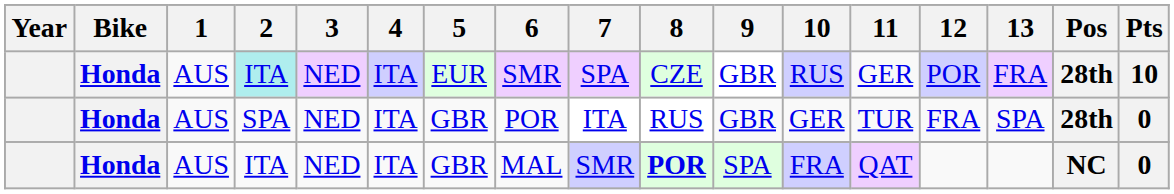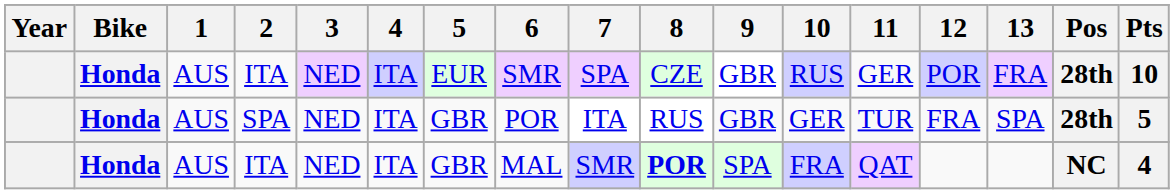 <table class="wikitable" style="text-align:center; font-size:90%;">
 <tr>
 <th>Year</th>
 <th>Bike</th>
 <th>1</th>
 <th>2</th>
 <th>3</th>
 <th>4</th>
 <th>5</th>
 <th>6</th>
 <th>7</th>
 <th>8</th>
 <th>9</th>
 <th>10</th>
 <th>11</th>
 <th>12</th>
 <th>13</th>
 <th>Pos</th>
 <th>Pts</th>
 </tr>
 <tr>
 <th></th>
 <th><a href='#'>Honda</a></th>
 <td><a href='#'>AUS</a></td>
-<td style="background: paleturquoise;"><a href='#'>ITA</a></td>
+<td><a href='#'>ITA</a></td>
 <td style="background:#EFCFFF;"><a href='#'>NED</a><br></td>
 <td style="background:#CFCFFF;"><a href='#'>ITA</a><br></td>
 <td style="background:#DFFFDF;"><a href='#'>EUR</a><br></td>
 <td style="background:#EFCFFF;"><a href='#'>SMR</a><br></td>
 <td style="background:#EFCFFF;"><a href='#'>SPA</a><br></td>
 <td style="background:#DFFFDF;"><a href='#'>CZE</a><br></td>
 <td style="background:#FFFFFF;"><a href='#'>GBR</a><br></td>
 <td style="background:#CFCFFF;"><a href='#'>RUS</a><br></td>
 <td><a href='#'>GER</a></td>
 <td style="background:#CFCFFF;"><a href='#'>POR</a><br></td>
 <td style="background:#EFCFFF;"><a href='#'>FRA</a><br></td>
 <th>28th</th>
 <th>10</th>
 </tr>
 <tr>
 <th></th>
 <th><a href='#'>Honda</a></th>
 <td><a href='#'>AUS</a></td>
 <td><a href='#'>SPA</a></td>
 <td><a href='#'>NED</a></td>
 <td><a href='#'>ITA</a></td>
 <td><a href='#'>GBR</a></td>
 <td><a href='#'>POR</a></td>
 <td style="background:#FFFFFF;"><a href='#'>ITA</a><br></td>
 <td style="background:#FFFFFF;"><a href='#'>RUS</a><br></td>
 <td><a href='#'>GBR</a></td>
 <td><a href='#'>GER</a></td>
 <td><a href='#'>TUR</a></td>
 <td><a href='#'>FRA</a></td>
 <td><a href='#'>SPA</a></td>
 <th>28th</th>
-<th>0</th>
+<th>5</th>
 </tr>
 <tr>
 <th></th>
 <th><a href='#'>Honda</a></th>
 <td><a href='#'>AUS</a></td>
 <td><a href='#'>ITA</a></td>
 <td><a href='#'>NED</a></td>
 <td><a href='#'>ITA</a></td>
 <td><a href='#'>GBR</a></td>
 <td><a href='#'>MAL</a></td>
 <td style="background:#CFCFFF;"><a href='#'>SMR</a><br></td>
 <td style="background:#DFFFDF;"><strong><a href='#'>POR</a><br></strong></td>
 <td style="background:#DFFFDF;"><a href='#'>SPA</a><br></td>
 <td style="background:#CFCFFF;"><a href='#'>FRA</a><br></td>
 <td style="background:#EFCFFF;"><a href='#'>QAT</a><br></td>
 <td></td>
 <td></td>
 <th>NC</th>
-<th>0</th>
+<th>4</th>
 </tr>
 </table>
